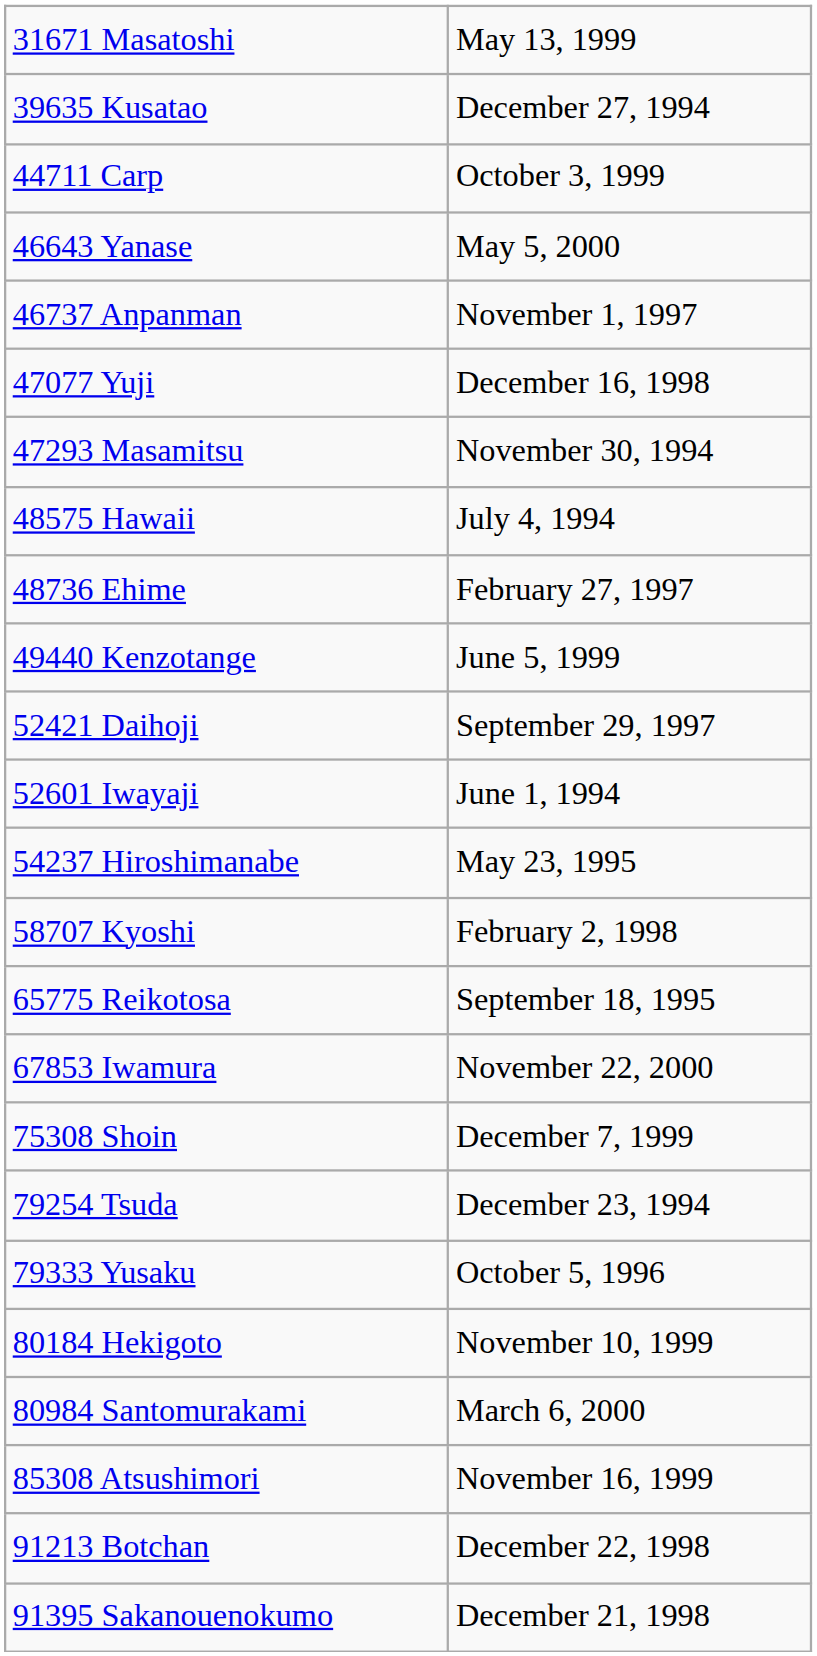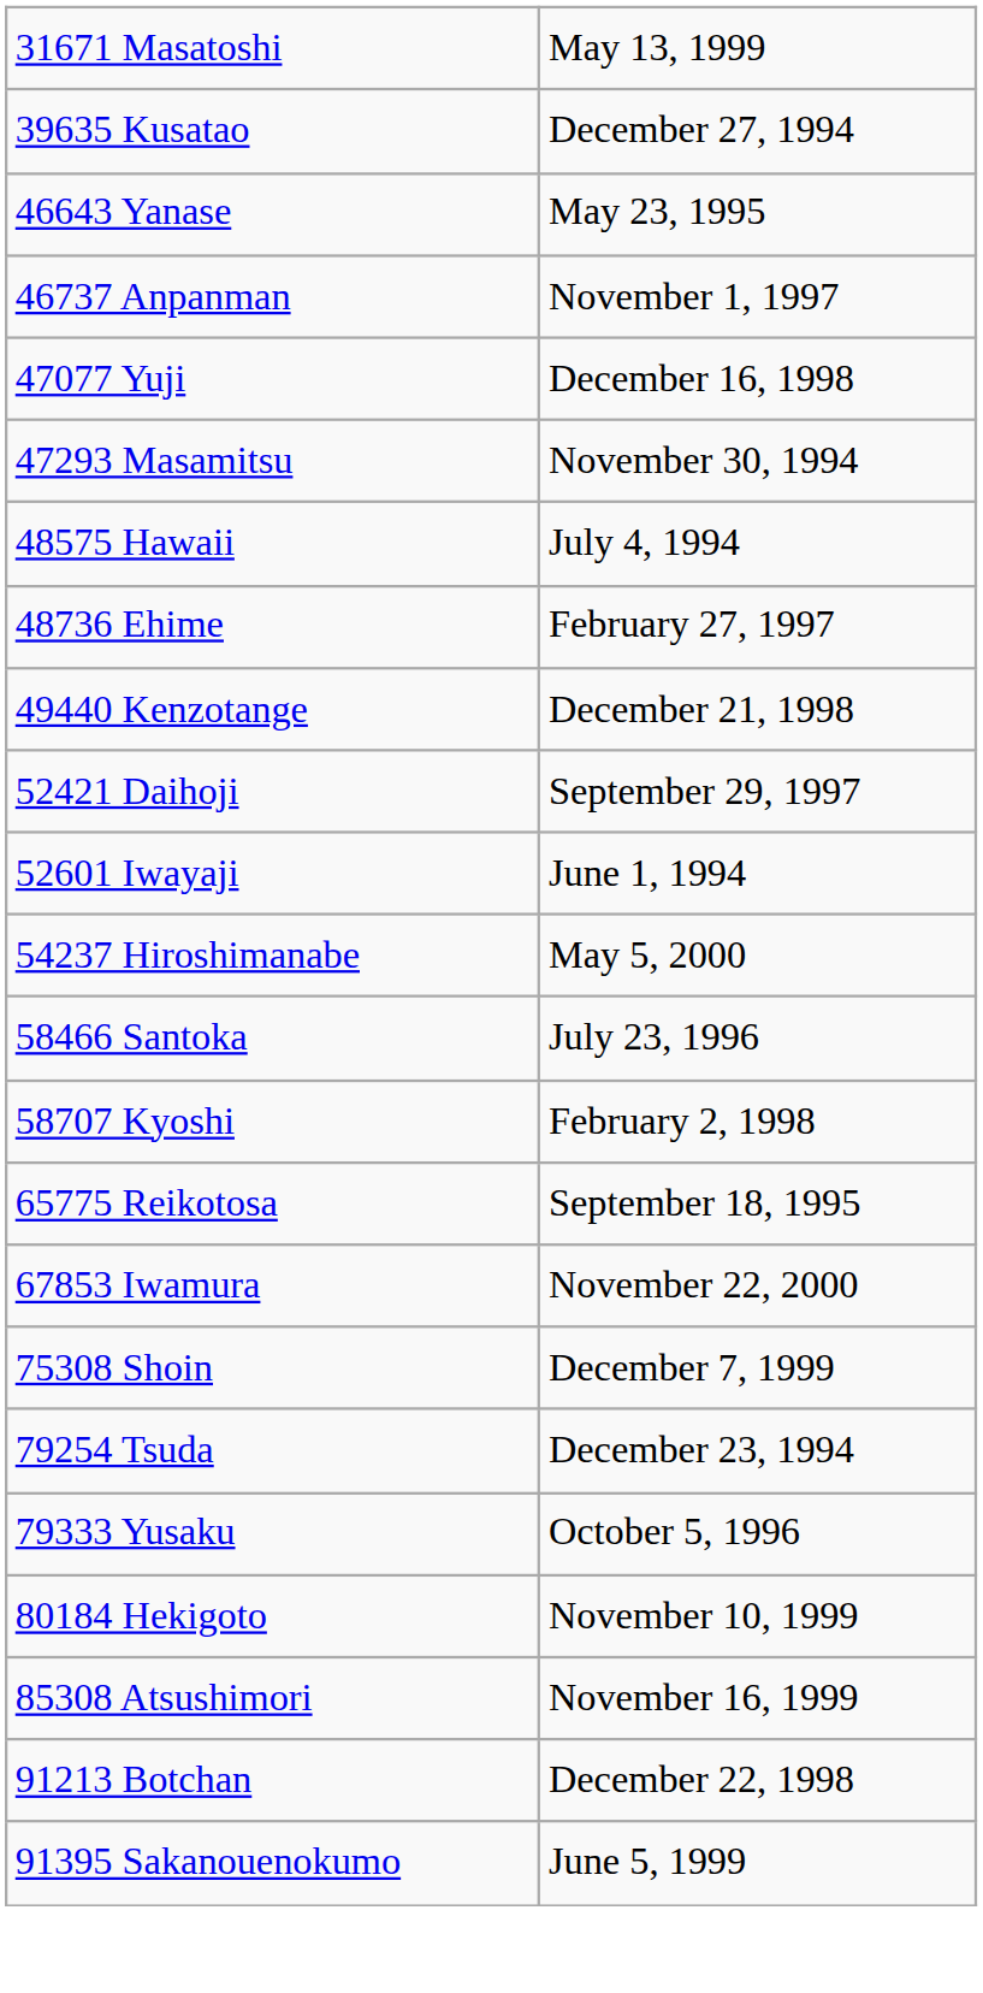 <table class="wikitable" style="font-size: 89%; float: left; width: 25em; margin-right: 1em; line-height: 1.65em !important; height: 540px;">
 <tr>
 <td><a href='#'>31671 Masatoshi</a></td>
 <td>May 13, 1999</td>
 </tr>
 <tr>
 <td><a href='#'>39635 Kusatao</a></td>
 <td>December 27, 1994</td>
 </tr>
 <tr>
-<td><a href='#'>44711 Carp</a></td>
-<td>October 3, 1999</td>
-</tr>
-<tr>
 <td><a href='#'>46643 Yanase</a></td>
-<td>May 5, 2000</td>
+<td>May 23, 1995</td>
 </tr>
 <tr>
 <td><a href='#'>46737 Anpanman</a></td>
 <td>November 1, 1997</td>
 </tr>
 <tr>
 <td><a href='#'>47077 Yuji</a></td>
 <td>December 16, 1998</td>
 </tr>
 <tr>
 <td><a href='#'>47293 Masamitsu</a></td>
 <td>November 30, 1994</td>
 </tr>
 <tr>
 <td><a href='#'>48575 Hawaii</a></td>
 <td>July 4, 1994</td>
 </tr>
 <tr>
 <td><a href='#'>48736 Ehime</a></td>
 <td>February 27, 1997</td>
 </tr>
 <tr>
 <td><a href='#'>49440 Kenzotange</a></td>
-<td>June 5, 1999</td>
+<td>December 21, 1998</td>
 </tr>
 <tr>
 <td><a href='#'>52421 Daihoji</a></td>
 <td>September 29, 1997</td>
 </tr>
 <tr>
 <td><a href='#'>52601 Iwayaji</a></td>
 <td>June 1, 1994</td>
 </tr>
 <tr>
 <td><a href='#'>54237 Hiroshimanabe</a></td>
-<td>May 23, 1995</td>
+<td>May 5, 2000</td>
+</tr>
+<tr>
+<td><a href='#'>58466 Santoka</a></td>
+<td>July 23, 1996</td>
 </tr>
 <tr>
 <td><a href='#'>58707 Kyoshi</a></td>
 <td>February 2, 1998</td>
 </tr>
 <tr>
 <td><a href='#'>65775 Reikotosa</a></td>
 <td>September 18, 1995</td>
 </tr>
 <tr>
 <td><a href='#'>67853 Iwamura</a></td>
 <td>November 22, 2000</td>
 </tr>
 <tr>
 <td><a href='#'>75308 Shoin</a></td>
 <td>December 7, 1999</td>
 </tr>
 <tr>
 <td><a href='#'>79254 Tsuda</a></td>
 <td>December 23, 1994</td>
 </tr>
 <tr>
 <td><a href='#'>79333 Yusaku</a></td>
 <td>October 5, 1996</td>
 </tr>
 <tr>
 <td><a href='#'>80184 Hekigoto</a></td>
 <td>November 10, 1999</td>
 </tr>
 <tr>
-<td><a href='#'>80984 Santomurakami</a></td>
-<td>March 6, 2000</td>
-</tr>
-<tr>
 <td><a href='#'>85308 Atsushimori</a></td>
 <td>November 16, 1999</td>
 </tr>
 <tr>
 <td><a href='#'>91213 Botchan</a></td>
 <td>December 22, 1998</td>
 </tr>
 <tr>
 <td><a href='#'>91395 Sakanouenokumo</a></td>
-<td>December 21, 1998</td>
+<td>June 5, 1999</td>
 </tr>
 </table>
